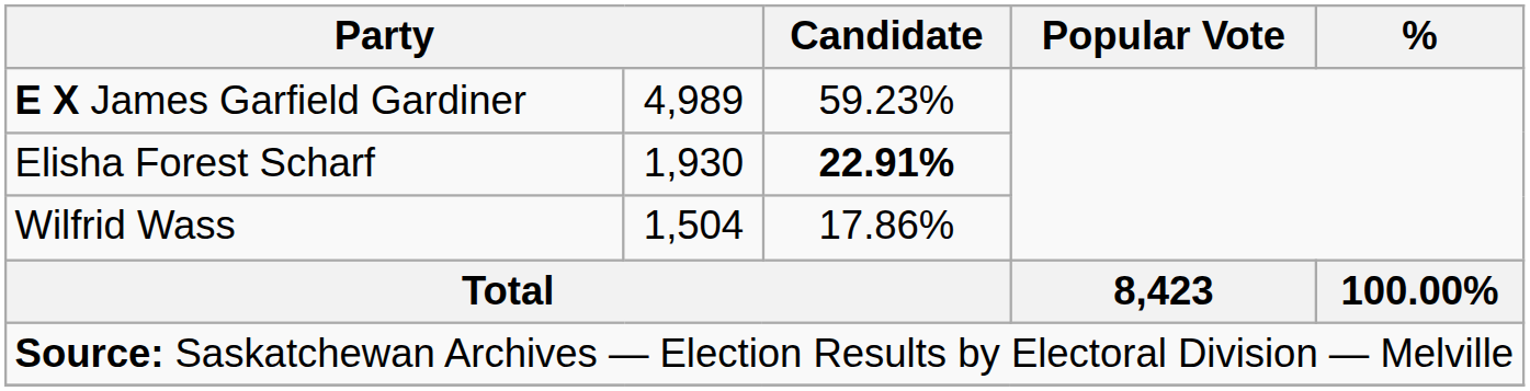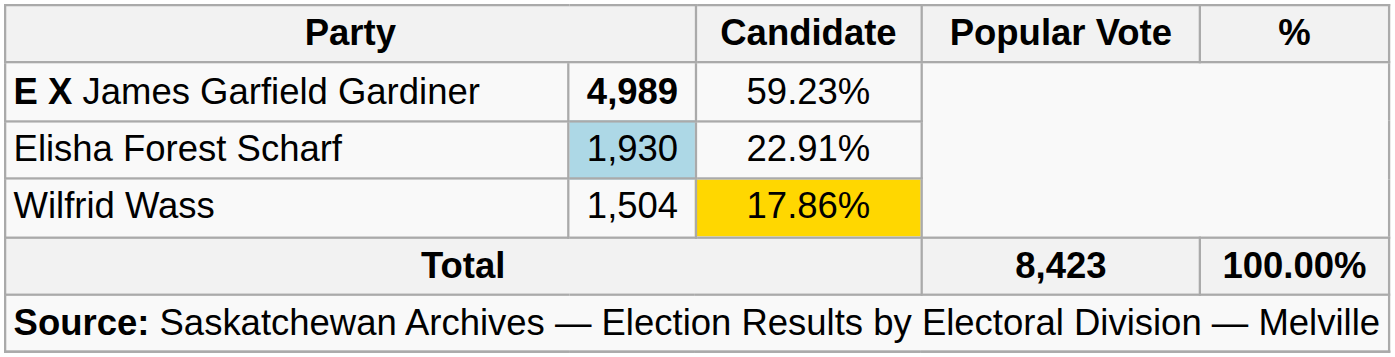 <table class="wikitable">
 <tr>
 <th colspan="2">Party</th>
 <th>Candidate</th>
 <th>Popular Vote</th>
 <th>%</th>
 </tr>
 <tr>
 <td><strong>E</strong> <strong>X</strong> James Garfield Gardiner</td>
-<td align=center>4,989</td>
+<td align=center><strong>4,989</strong></td>
 <td align=center>59.23%</td>
 </tr>
 <tr>
 <td>Elisha Forest Scharf</td>
-<td align=center>1,930</td>
-<td align=center><strong>22.91%</strong></td>
+<td align=center style="background: lightblue;">1,930</td>
+<td align=center>22.91%</td>
 </tr>
 <tr>
 <td>Wilfrid Wass</td>
 <td align=center>1,504</td>
-<td align=center>17.86%</td>
+<td align=center style="background: gold;">17.86%</td>
 </tr>
 <tr>
 <th colspan=3>Total</th>
 <th>8,423</th>
 <th>100.00%</th>
 </tr>
 <tr>
 <td align="center" colspan=5><strong>Source:</strong> Saskatchewan Archives — Election Results by Electoral Division — Melville</td>
 </tr>
 <tr>
 </tr>
 </table>
